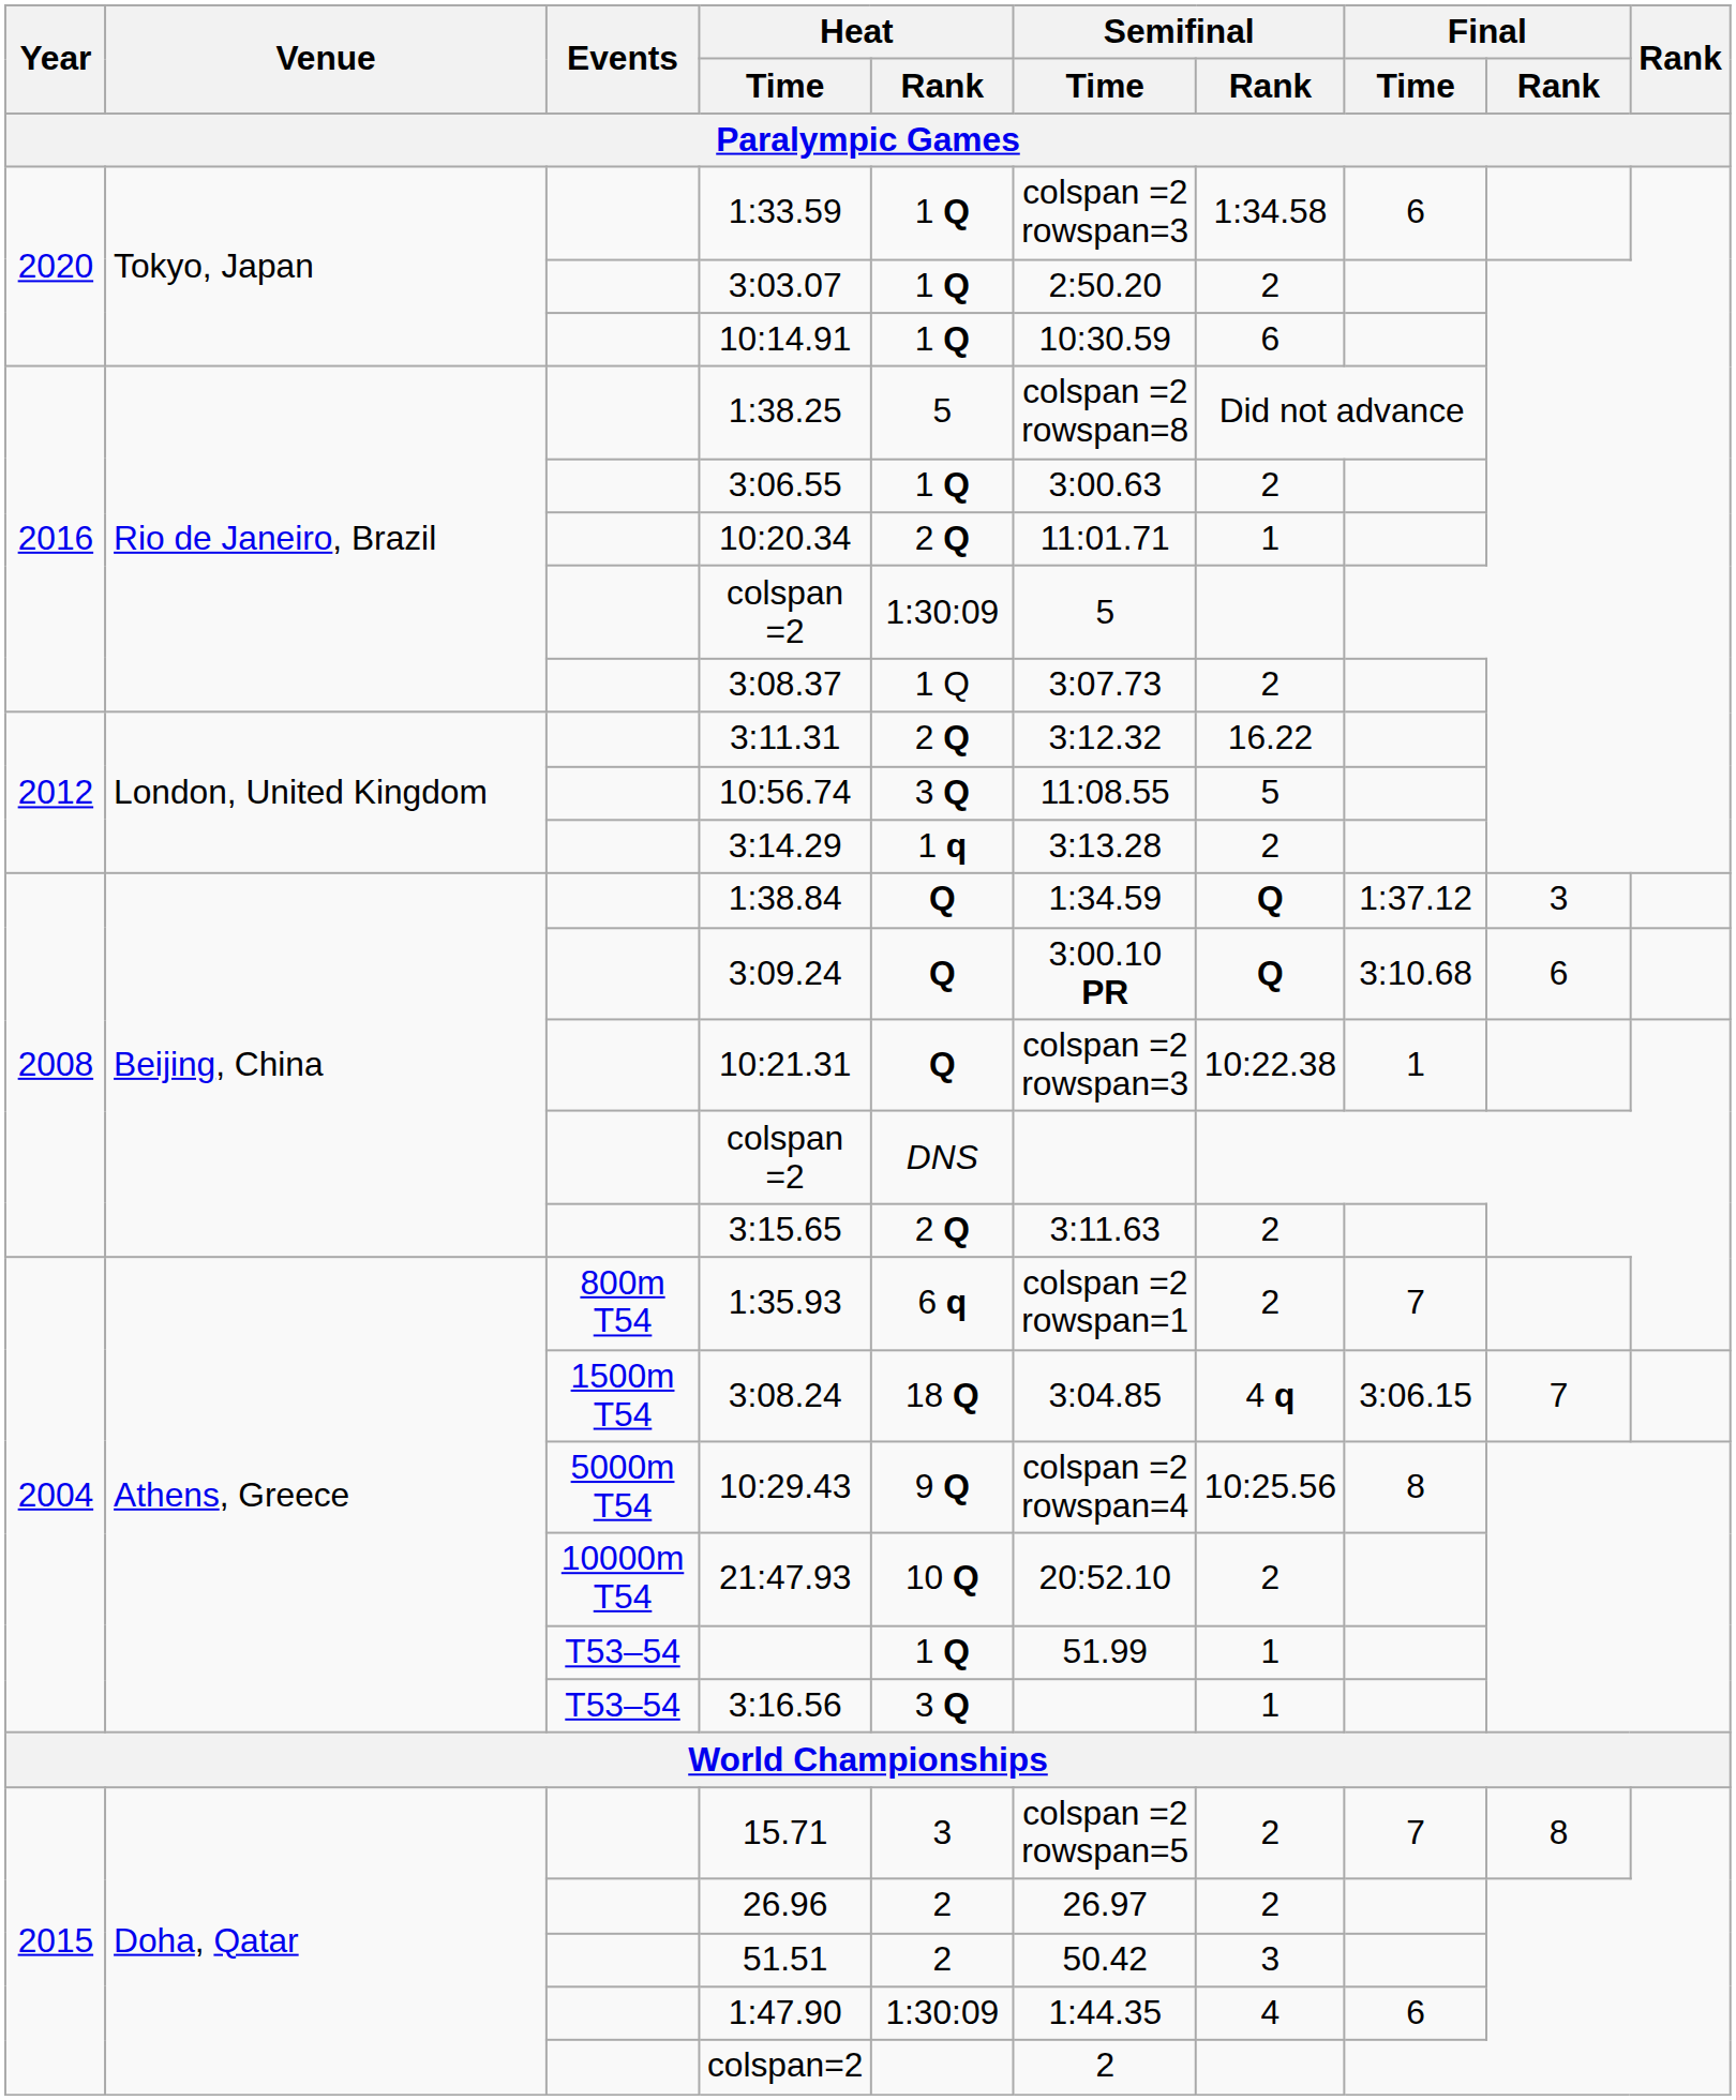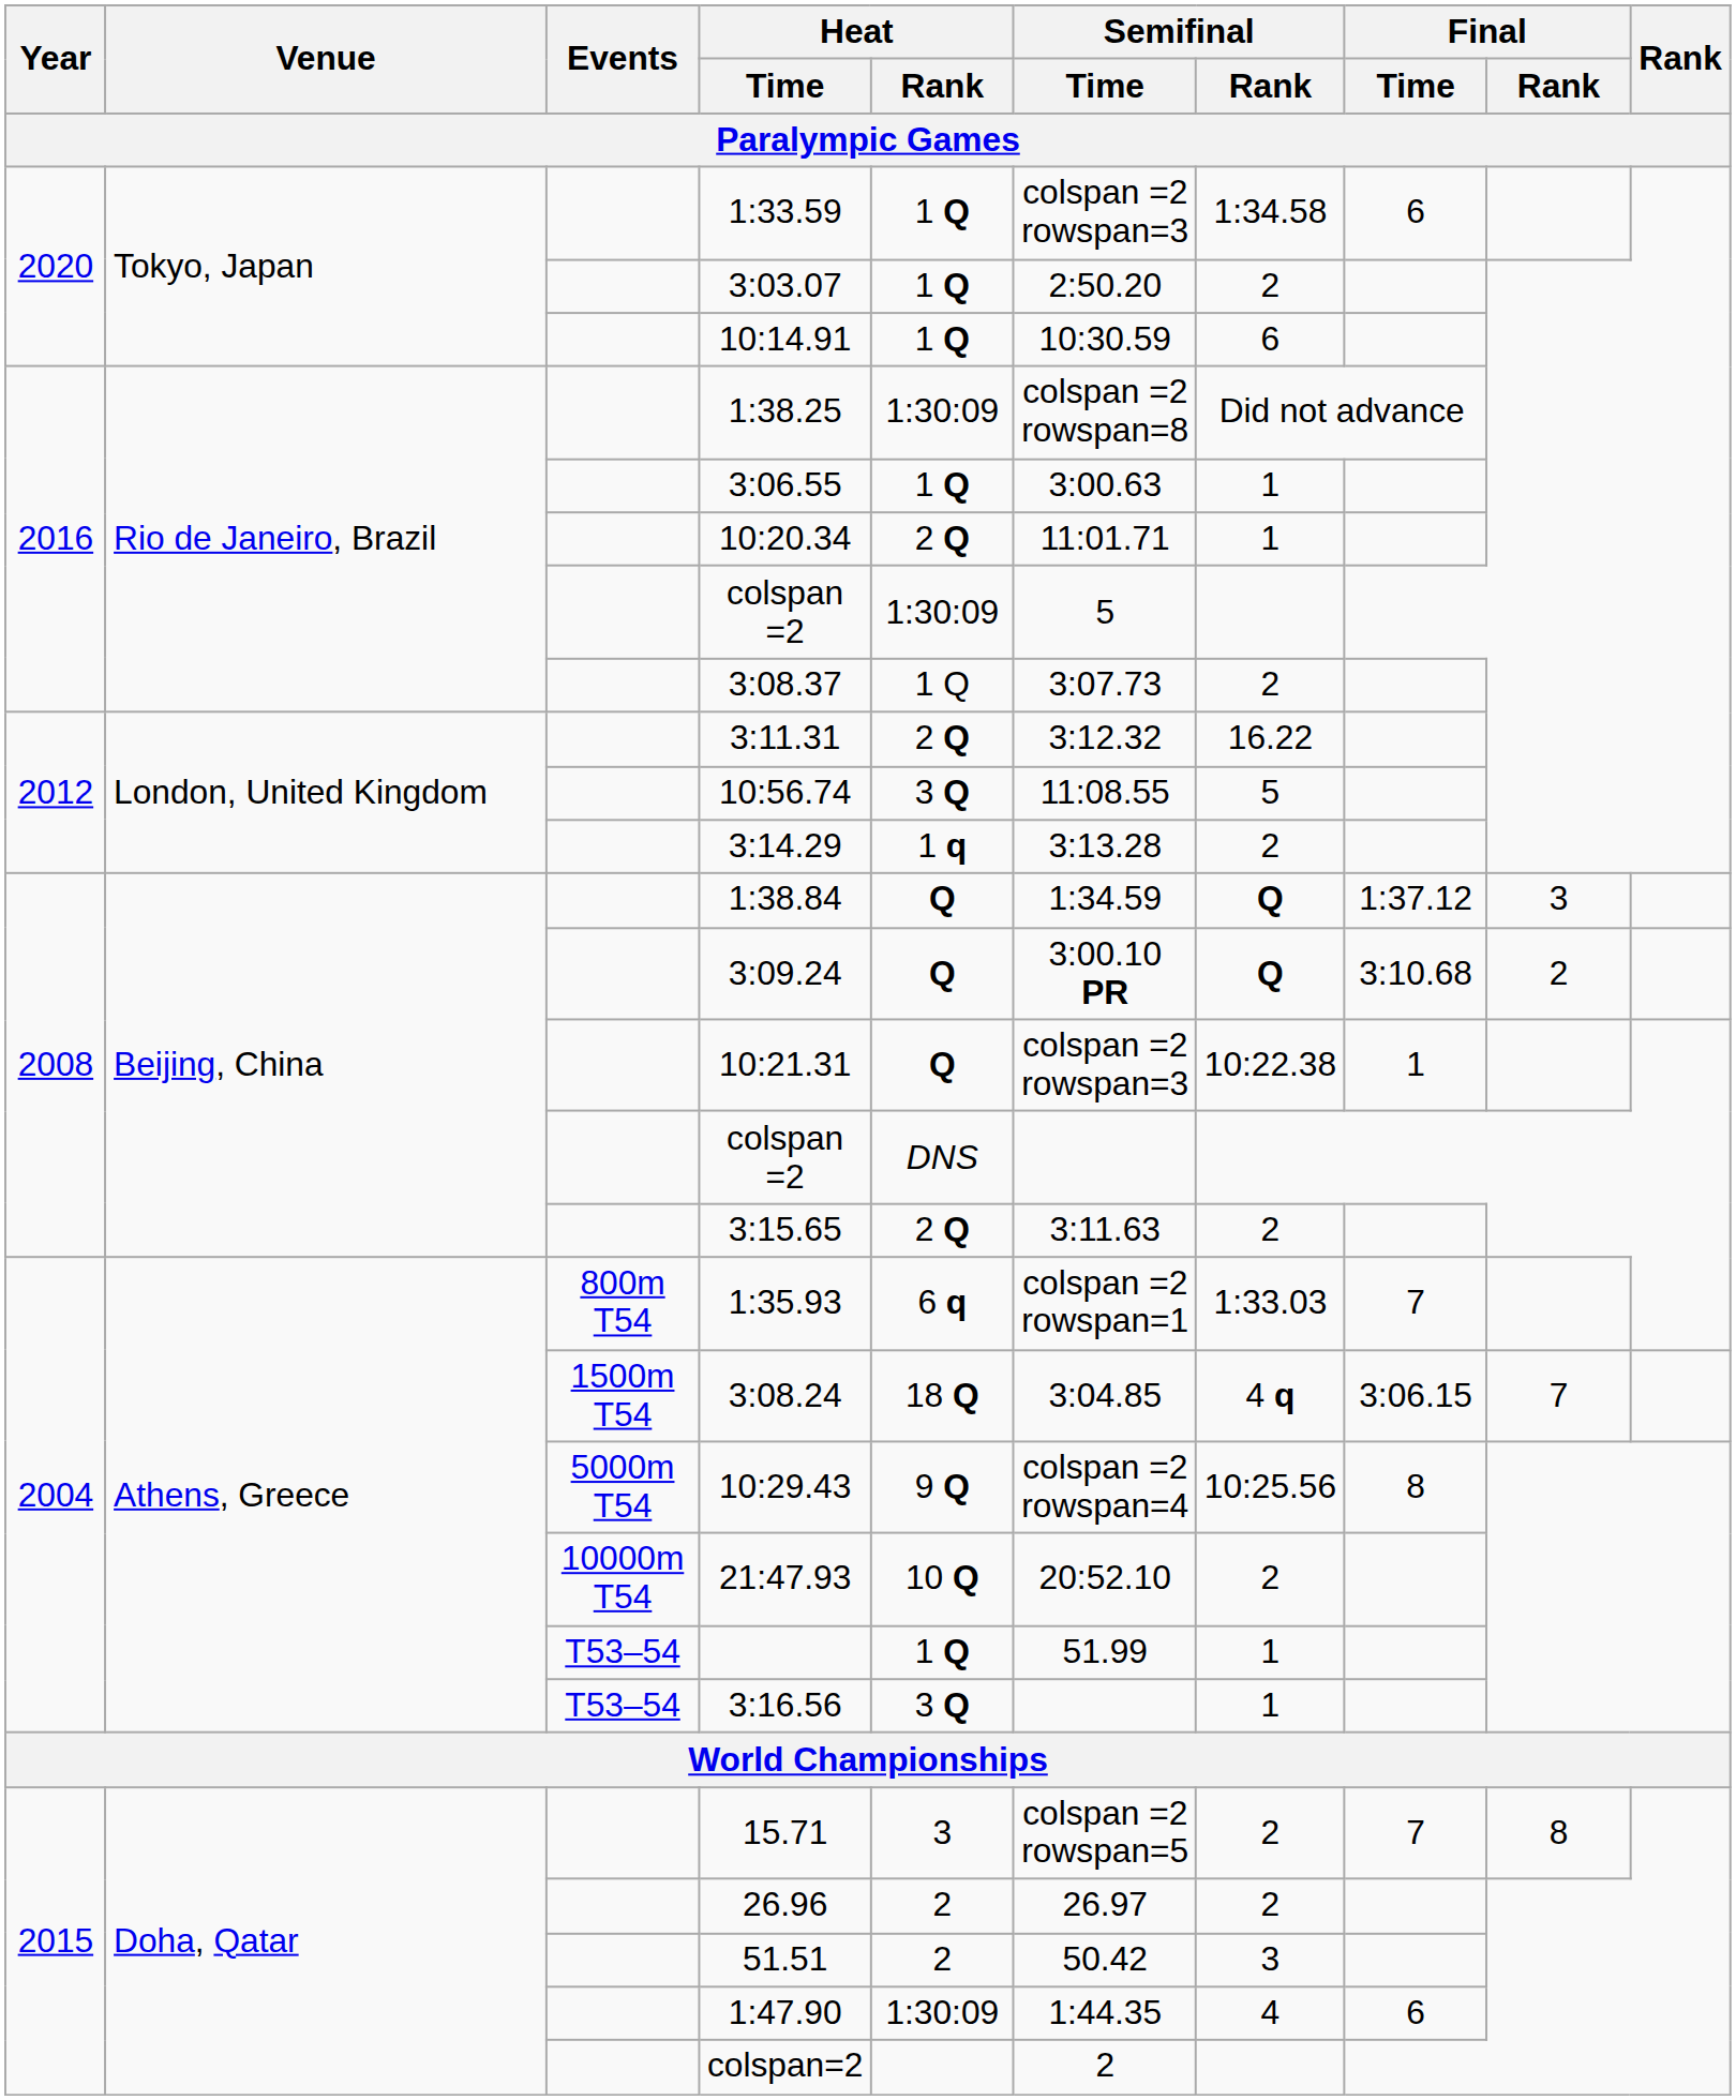 <table class = "wikitable" style="text-align:center;">
 <tr>
 <th rowspan=2 width=40>Year</th>
 <th rowspan=2 width=200>Venue</th>
 <th rowspan=2 width=65>Events</th>
 <th colspan=2>Heat</th>
 <th colspan=2>Semifinal</th>
 <th colspan=2>Final</th>
 <th rowspan=2 width=40>Rank</th>
 </tr>
 <tr>
 <th width=60>Time</th>
 <th width=60>Rank</th>
 <th width=60>Time</th>
 <th width=60>Rank</th>
 <th width=60>Time</th>
 <th width=60>Rank</th>
 </tr>
 <tr>
 <th colspan=13><a href='#'>Paralympic Games</a></th>
 </tr>
 <tr>
 <td rowspan=3><a href='#'>2020</a></td>
 <td rowspan=3 align=left> Tokyo, Japan</td>
 <td></td>
 <td>1:33.59</td>
 <td>1 <strong>Q</strong></td>
 <td>colspan =2 rowspan=3 </td>
 <td>1:34.58</td>
 <td>6</td>
 <td></td>
 </tr>
 <tr>
 <td></td>
 <td>3:03.07</td>
 <td>1 <strong>Q</strong></td>
 <td>2:50.20 <strong></strong></td>
 <td>2</td>
 <td></td>
 </tr>
 <tr>
 <td></td>
 <td>10:14.91</td>
 <td>1 <strong>Q</strong></td>
 <td>10:30.59</td>
 <td>6</td>
 <td></td>
 </tr>
 <tr>
 <td rowspan=5><a href='#'>2016</a></td>
 <td rowspan=5 align=left> <a href='#'>Rio de Janeiro</a>, Brazil</td>
 <td></td>
 <td>1:38.25</td>
-<td>5</td>
+<td>1:30:09</td>
 <td>colspan =2 rowspan=8 </td>
 <td colspan =2>Did not advance</td>
 </tr>
 <tr>
 <td></td>
 <td>3:06.55</td>
 <td>1 <strong>Q</strong></td>
 <td>3:00.63</td>
-<td>2</td>
+<td>1</td>
 <td></td>
 </tr>
 <tr>
 <td></td>
 <td>10:20.34</td>
 <td>2 <strong>Q</strong></td>
 <td>11:01.71</td>
 <td>1</td>
 <td></td>
 </tr>
 <tr>
 <td></td>
 <td>colspan =2 </td>
 <td>1:30:09</td>
 <td>5</td>
 <td></td>
 </tr>
 <tr>
 <td></td>
 <td>3:08.37</td>
 <td>1 Q</td>
 <td>3:07.73</td>
 <td>2</td>
 <td></td>
 </tr>
 <tr>
 <td rowspan=3><a href='#'>2012</a></td>
 <td rowspan=3 align=left> London, United Kingdom</td>
 <td></td>
 <td>3:11.31</td>
 <td>2 <strong>Q</strong></td>
 <td>3:12.32</td>
 <td>16.22</td>
 <td></td>
 </tr>
 <tr>
 <td></td>
 <td>10:56.74</td>
 <td>3 <strong>Q</strong></td>
 <td>11:08.55</td>
 <td>5</td>
 <td></td>
 </tr>
 <tr>
 <td></td>
 <td>3:14.29</td>
 <td>1 <strong>q</strong></td>
 <td>3:13.28</td>
 <td>2</td>
 <td></td>
 </tr>
 <tr>
 <td rowspan=5><a href='#'>2008</a></td>
 <td rowspan=5 align=left> <a href='#'>Beijing</a>, China</td>
 <td></td>
 <td>1:38.84</td>
 <td><strong>Q</strong></td>
 <td>1:34.59</td>
 <td><strong>Q</strong></td>
 <td>1:37.12</td>
 <td>3</td>
 <td></td>
 </tr>
 <tr>
 <td></td>
 <td>3:09.24</td>
 <td><strong>Q</strong></td>
 <td>3:00.10 <strong>PR</strong></td>
 <td><strong>Q</strong></td>
 <td>3:10.68</td>
-<td>6</td>
+<td>2</td>
 <td></td>
 </tr>
 <tr>
 <td></td>
 <td>10:21.31</td>
 <td><strong>Q</strong></td>
 <td>colspan =2 rowspan=3 </td>
 <td>10:22.38</td>
 <td>1</td>
 <td></td>
 </tr>
 <tr>
 <td></td>
 <td>colspan =2 </td>
 <td><em>DNS</em></td>
 <td></td>
 </tr>
 <tr>
 <td></td>
 <td>3:15.65</td>
 <td>2 <strong>Q</strong></td>
 <td>3:11.63</td>
 <td>2</td>
 <td></td>
 </tr>
 <tr>
 <td rowspan=6><a href='#'>2004</a></td>
 <td rowspan=6 align=left> <a href='#'>Athens</a>, Greece</td>
 <td {{nowrap><a href='#'>800m T54</a></td>
 <td>1:35.93</td>
 <td>6 <strong>q</strong></td>
 <td>colspan =2 rowspan=1 </td>
-<td>2</td>
+<td>1:33.03</td>
 <td>7</td>
 <td></td>
 </tr>
 <tr>
 <td {{nowrap><a href='#'>1500m T54</a></td>
 <td>3:08.24</td>
 <td>18 <strong>Q</strong></td>
 <td>3:04.85</td>
 <td>4 <strong>q</strong></td>
 <td>3:06.15</td>
 <td>7</td>
 <td></td>
 </tr>
 <tr>
 <td {{nowrap><a href='#'>5000m T54</a></td>
 <td>10:29.43</td>
 <td>9 <strong>Q</strong></td>
 <td>colspan =2 rowspan=4 </td>
 <td>10:25.56</td>
 <td>8</td>
 </tr>
 <tr>
 <td {{nowrap><a href='#'>10000m T54</a></td>
 <td>21:47.93</td>
 <td>10 <strong>Q</strong></td>
 <td>20:52.10</td>
 <td>2</td>
 <td></td>
 </tr>
 <tr>
 <td {{nowrap><a href='#'> T53–54</a></td>
 <td></td>
 <td>1 <strong>Q</strong></td>
 <td>51.99</td>
 <td>1</td>
 <td></td>
 </tr>
 <tr>
 <td {{nowrap><a href='#'> T53–54</a></td>
 <td>3:16.56</td>
 <td>3 <strong>Q</strong></td>
 <td></td>
 <td>1</td>
 <td></td>
 </tr>
 <tr>
 <th colspan=13><a href='#'>World Championships</a></th>
 </tr>
 <tr>
 <td rowspan=5><a href='#'>2015</a></td>
 <td rowspan=5 align=left> <a href='#'>Doha</a>, <a href='#'>Qatar</a></td>
 <td></td>
 <td>15.71</td>
 <td>3</td>
 <td>colspan =2 rowspan=5 </td>
 <td>2</td>
 <td>7</td>
 <td>8</td>
 </tr>
 <tr>
 <td></td>
 <td>26.96</td>
 <td>2</td>
 <td>26.97</td>
 <td>2</td>
 <td></td>
 </tr>
 <tr>
 <td></td>
 <td>51.51</td>
 <td>2</td>
 <td>50.42</td>
 <td>3</td>
 <td></td>
 </tr>
 <tr>
 <td></td>
 <td>1:47.90</td>
 <td>1:30:09</td>
 <td>1:44.35</td>
 <td>4</td>
 <td>6</td>
 </tr>
 <tr>
 <td></td>
 <td>colspan=2 </td>
 <td></td>
 <td>2</td>
 <td></td>
 </tr>
 </table>
